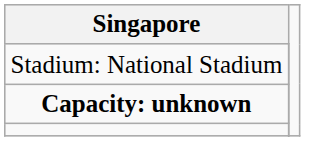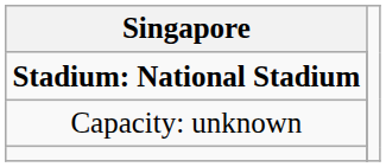 <table class="wikitable" style="text-align:center">
 <tr>
 <th colspan="2">Singapore</th>
 <td rowspan=4></td>
 </tr>
 <tr>
-<td>Stadium: National Stadium</td>
+<td><strong>Stadium: National Stadium</strong></td>
 </tr>
 <tr>
-<td><strong>Capacity: unknown</strong></td>
+<td>Capacity: unknown</td>
 </tr>
 <tr>
 <td></td>
 </tr>
 </table>
